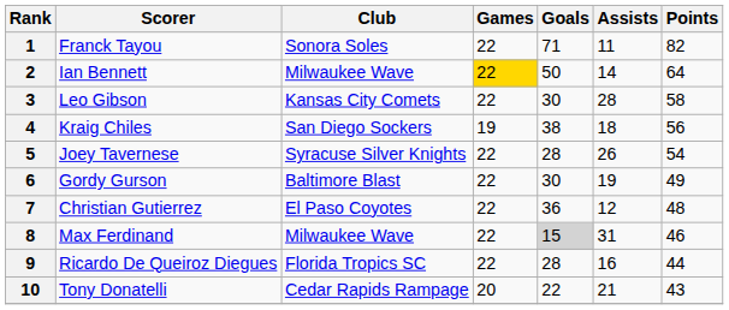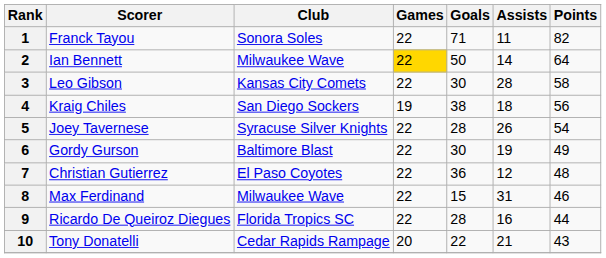 <table class="wikitable">
 <tr>
 <th>Rank</th>
 <th>Scorer</th>
 <th>Club</th>
 <th>Games</th>
 <th>Goals</th>
 <th>Assists</th>
 <th>Points</th>
 </tr>
 <tr>
 <th>1</th>
 <td><a href='#'>Franck Tayou</a></td>
 <td><a href='#'>Sonora Soles</a></td>
 <td>22</td>
 <td>71</td>
 <td>11</td>
 <td>82</td>
 </tr>
 <tr>
 <th>2</th>
 <td><a href='#'>Ian Bennett</a></td>
 <td><a href='#'>Milwaukee Wave</a></td>
 <td style="background: gold;">22</td>
 <td>50</td>
 <td>14</td>
 <td>64</td>
 </tr>
 <tr>
 <th>3</th>
 <td><a href='#'>Leo Gibson</a></td>
 <td><a href='#'>Kansas City Comets</a></td>
 <td>22</td>
 <td>30</td>
 <td>28</td>
 <td>58</td>
 </tr>
 <tr>
 <th>4</th>
 <td><a href='#'>Kraig Chiles</a></td>
 <td><a href='#'>San Diego Sockers</a></td>
 <td>19</td>
 <td>38</td>
 <td>18</td>
 <td>56</td>
 </tr>
 <tr>
 <th>5</th>
 <td><a href='#'>Joey Tavernese</a></td>
 <td><a href='#'>Syracuse Silver Knights</a></td>
 <td>22</td>
 <td>28</td>
 <td>26</td>
 <td>54</td>
 </tr>
 <tr>
 <th>6</th>
 <td><a href='#'>Gordy Gurson</a></td>
 <td><a href='#'>Baltimore Blast</a></td>
 <td>22</td>
 <td>30</td>
 <td>19</td>
 <td>49</td>
 </tr>
 <tr>
 <th>7</th>
 <td><a href='#'>Christian Gutierrez</a></td>
 <td><a href='#'>El Paso Coyotes</a></td>
 <td>22</td>
 <td>36</td>
 <td>12</td>
 <td>48</td>
 </tr>
 <tr>
 <th>8</th>
 <td><a href='#'>Max Ferdinand</a></td>
 <td><a href='#'>Milwaukee Wave</a></td>
 <td>22</td>
-<td style="background: lightgrey;">15</td>
+<td>15</td>
 <td>31</td>
 <td>46</td>
 </tr>
 <tr>
 <th>9</th>
 <td><a href='#'>Ricardo De Queiroz Diegues</a></td>
 <td><a href='#'>Florida Tropics SC</a></td>
 <td>22</td>
 <td>28</td>
 <td>16</td>
 <td>44</td>
 </tr>
 <tr>
 <th>10</th>
 <td><a href='#'>Tony Donatelli</a></td>
 <td><a href='#'>Cedar Rapids Rampage</a></td>
 <td>20</td>
 <td>22</td>
 <td>21</td>
 <td>43</td>
 </tr>
 <tr>
 </tr>
 </table>
